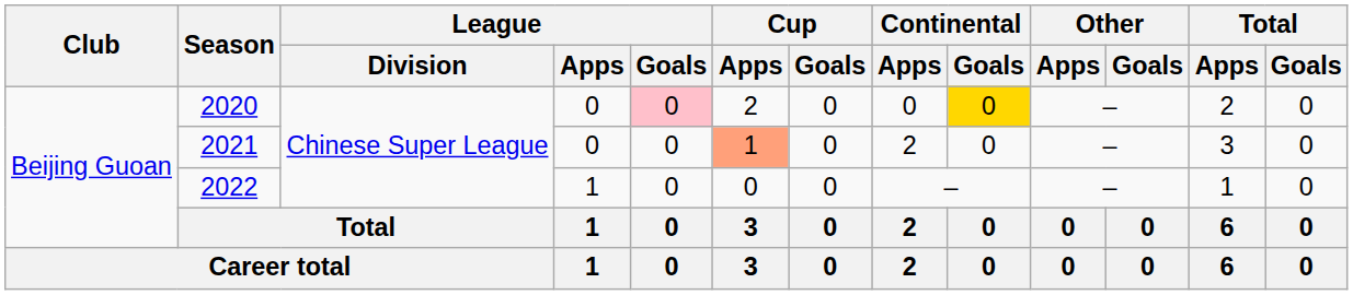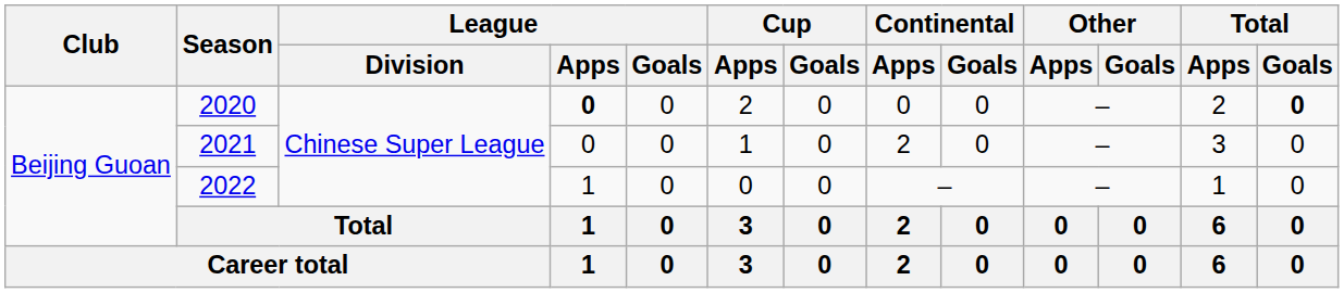 <table class="wikitable" style="text-align: center">
 <tr>
 <th rowspan="2">Club</th>
 <th rowspan="2">Season</th>
 <th colspan="3">League</th>
 <th colspan="2">Cup</th>
 <th colspan="2">Continental</th>
 <th colspan="2">Other</th>
 <th colspan="2">Total</th>
 </tr>
 <tr>
 <th>Division</th>
 <th>Apps</th>
 <th>Goals</th>
 <th>Apps</th>
 <th>Goals</th>
 <th>Apps</th>
 <th>Goals</th>
 <th>Apps</th>
 <th>Goals</th>
 <th>Apps</th>
 <th>Goals</th>
 </tr>
 <tr>
 <td rowspan="4"><a href='#'>Beijing Guoan</a></td>
 <td><a href='#'>2020</a></td>
 <td rowspan="3"><a href='#'>Chinese Super League</a></td>
+<td><strong>0</strong></td>
 <td>0</td>
-<td style="background: pink;">0</td>
 <td>2</td>
 <td>0</td>
 <td>0</td>
-<td style="background: gold;">0</td>
+<td>0</td>
 <td colspan="2">–</td>
 <td>2</td>
-<td>0</td>
+<td><strong>0</strong></td>
 </tr>
 <tr>
 <td><a href='#'>2021</a></td>
 <td>0</td>
 <td>0</td>
-<td style="background: lightsalmon;">1</td>
+<td>1</td>
 <td>0</td>
 <td>2</td>
 <td>0</td>
 <td colspan="2">–</td>
 <td>3</td>
 <td>0</td>
 </tr>
 <tr>
 <td><a href='#'>2022</a></td>
 <td>1</td>
 <td>0</td>
 <td>0</td>
 <td>0</td>
 <td colspan="2">–</td>
 <td colspan="2">–</td>
 <td>1</td>
 <td>0</td>
 </tr>
 <tr>
 <th colspan=2>Total</th>
 <th>1</th>
 <th>0</th>
 <th>3</th>
 <th>0</th>
 <th>2</th>
 <th>0</th>
 <th>0</th>
 <th>0</th>
 <th>6</th>
 <th>0</th>
 </tr>
 <tr>
 <th colspan=3>Career total</th>
 <th>1</th>
 <th>0</th>
 <th>3</th>
 <th>0</th>
 <th>2</th>
 <th>0</th>
 <th>0</th>
 <th>0</th>
 <th>6</th>
 <th>0</th>
 </tr>
 </table>
